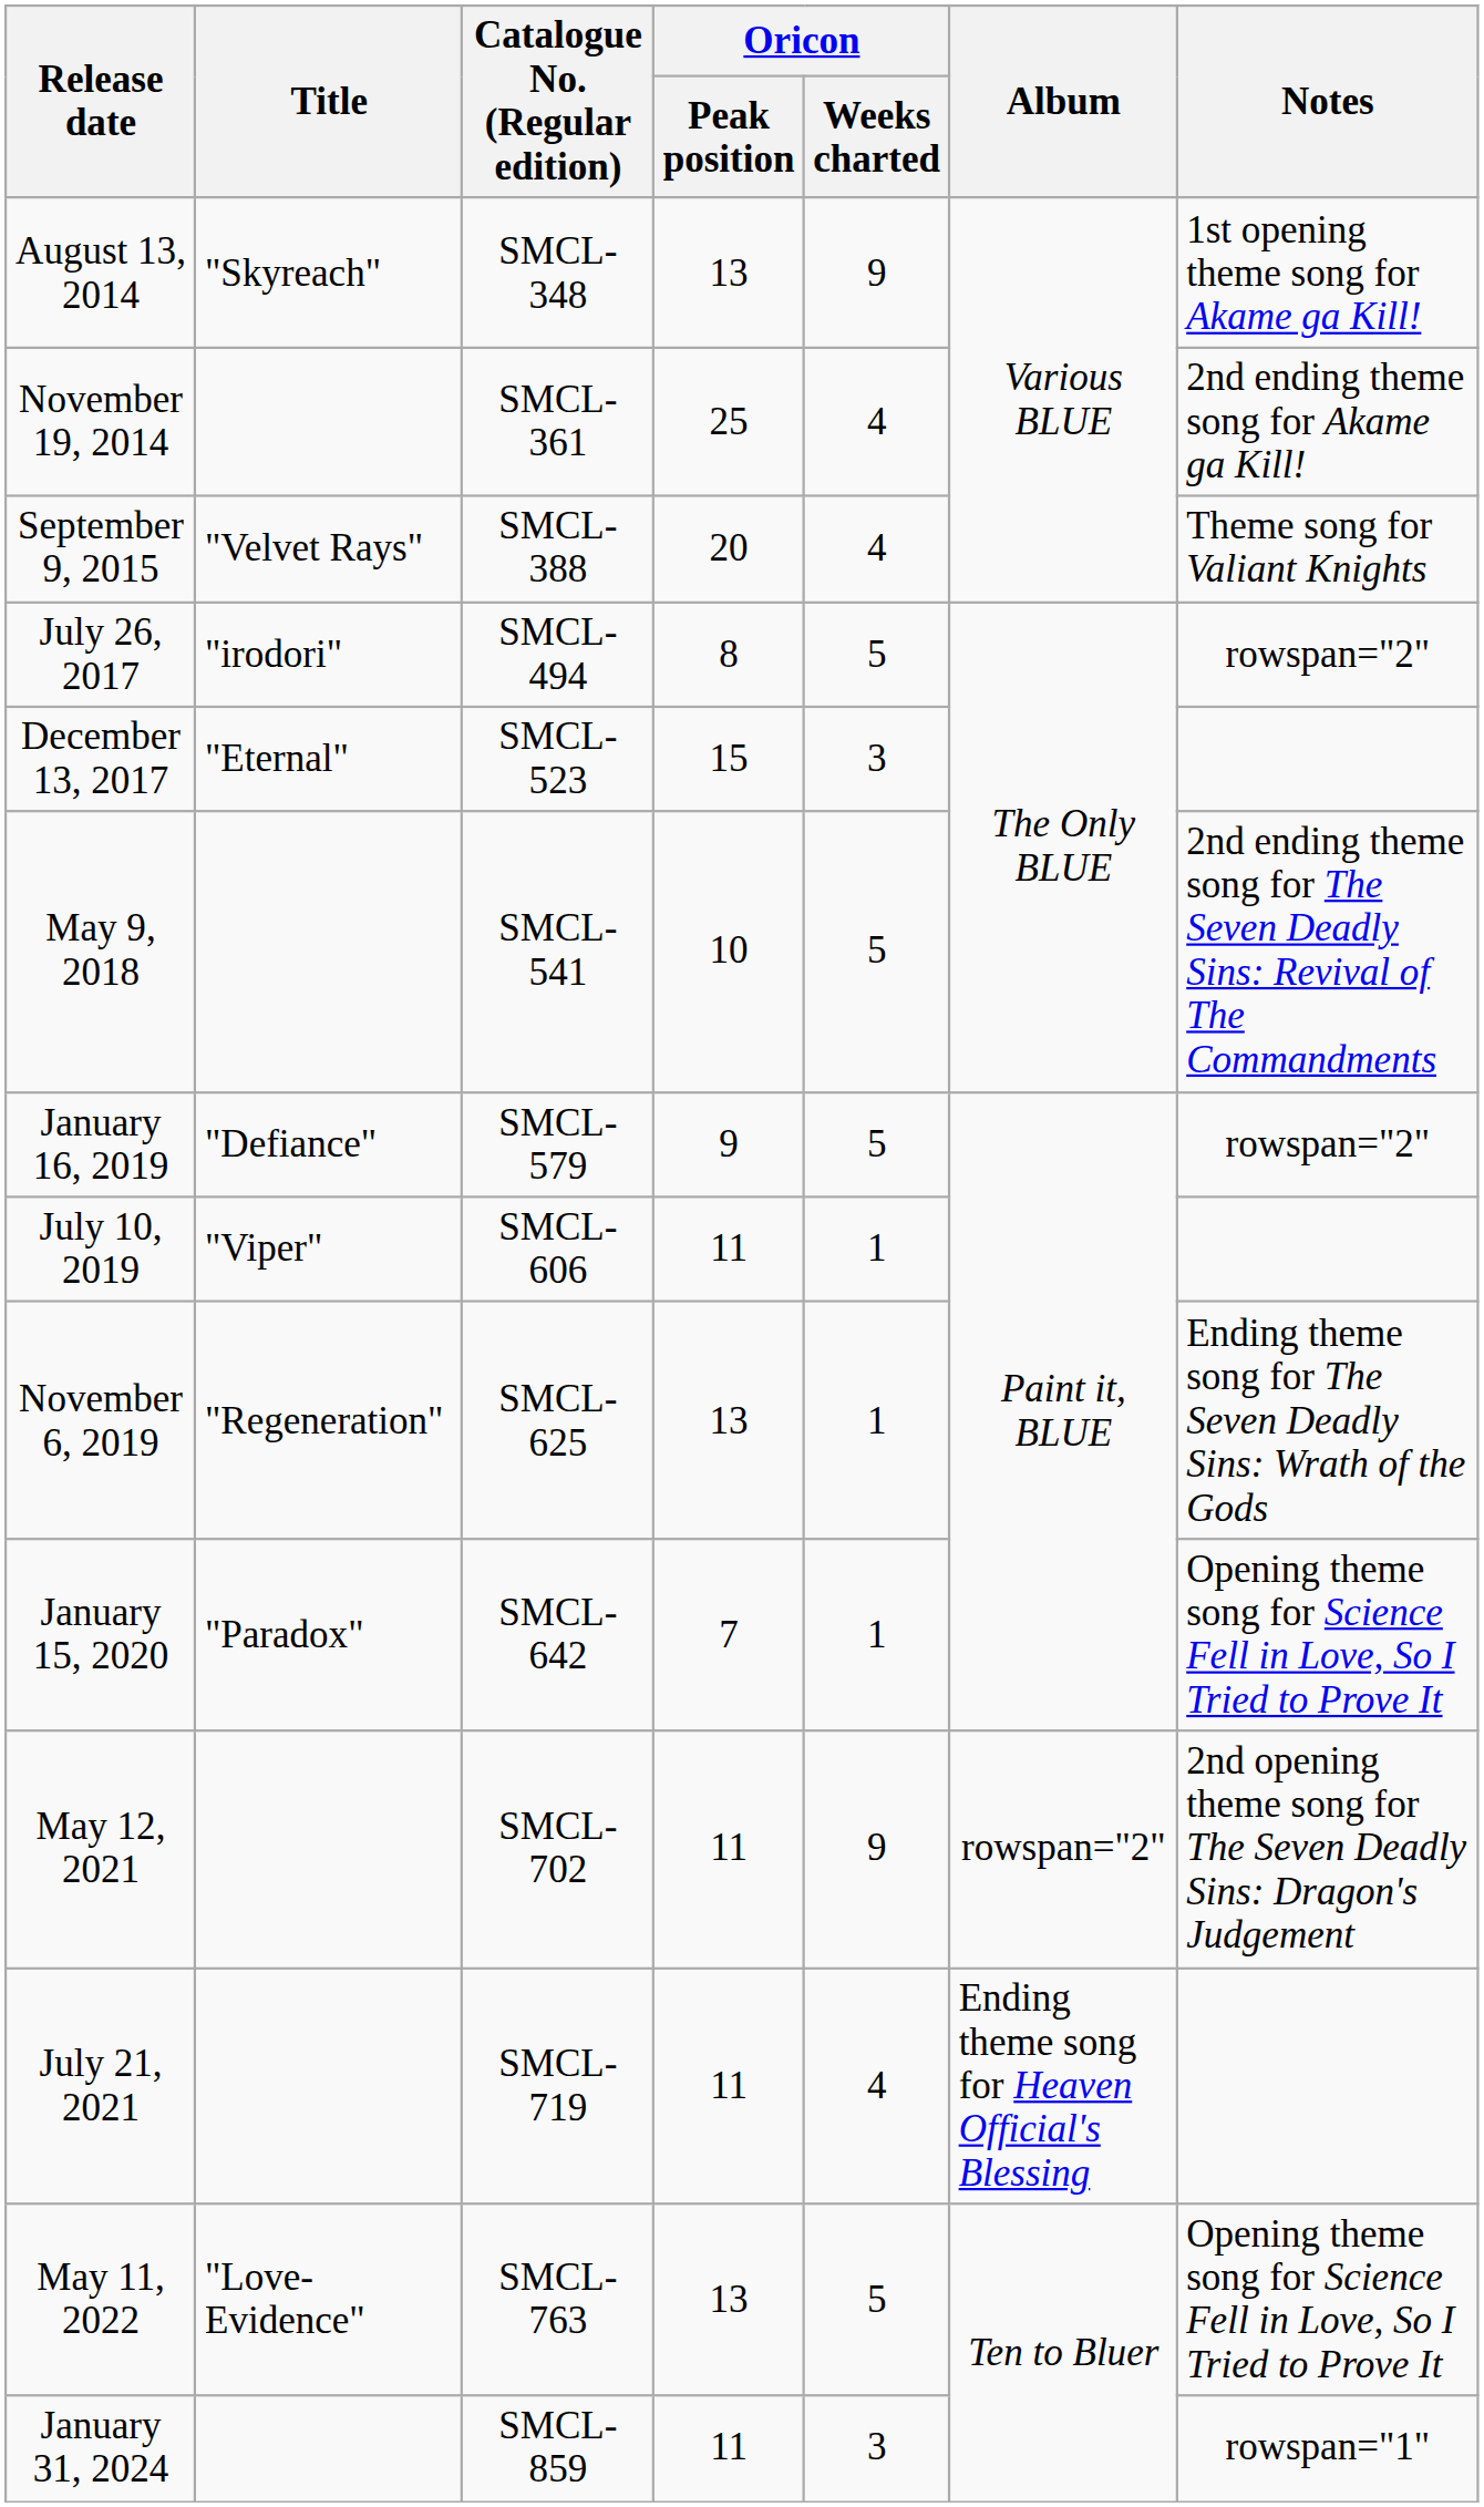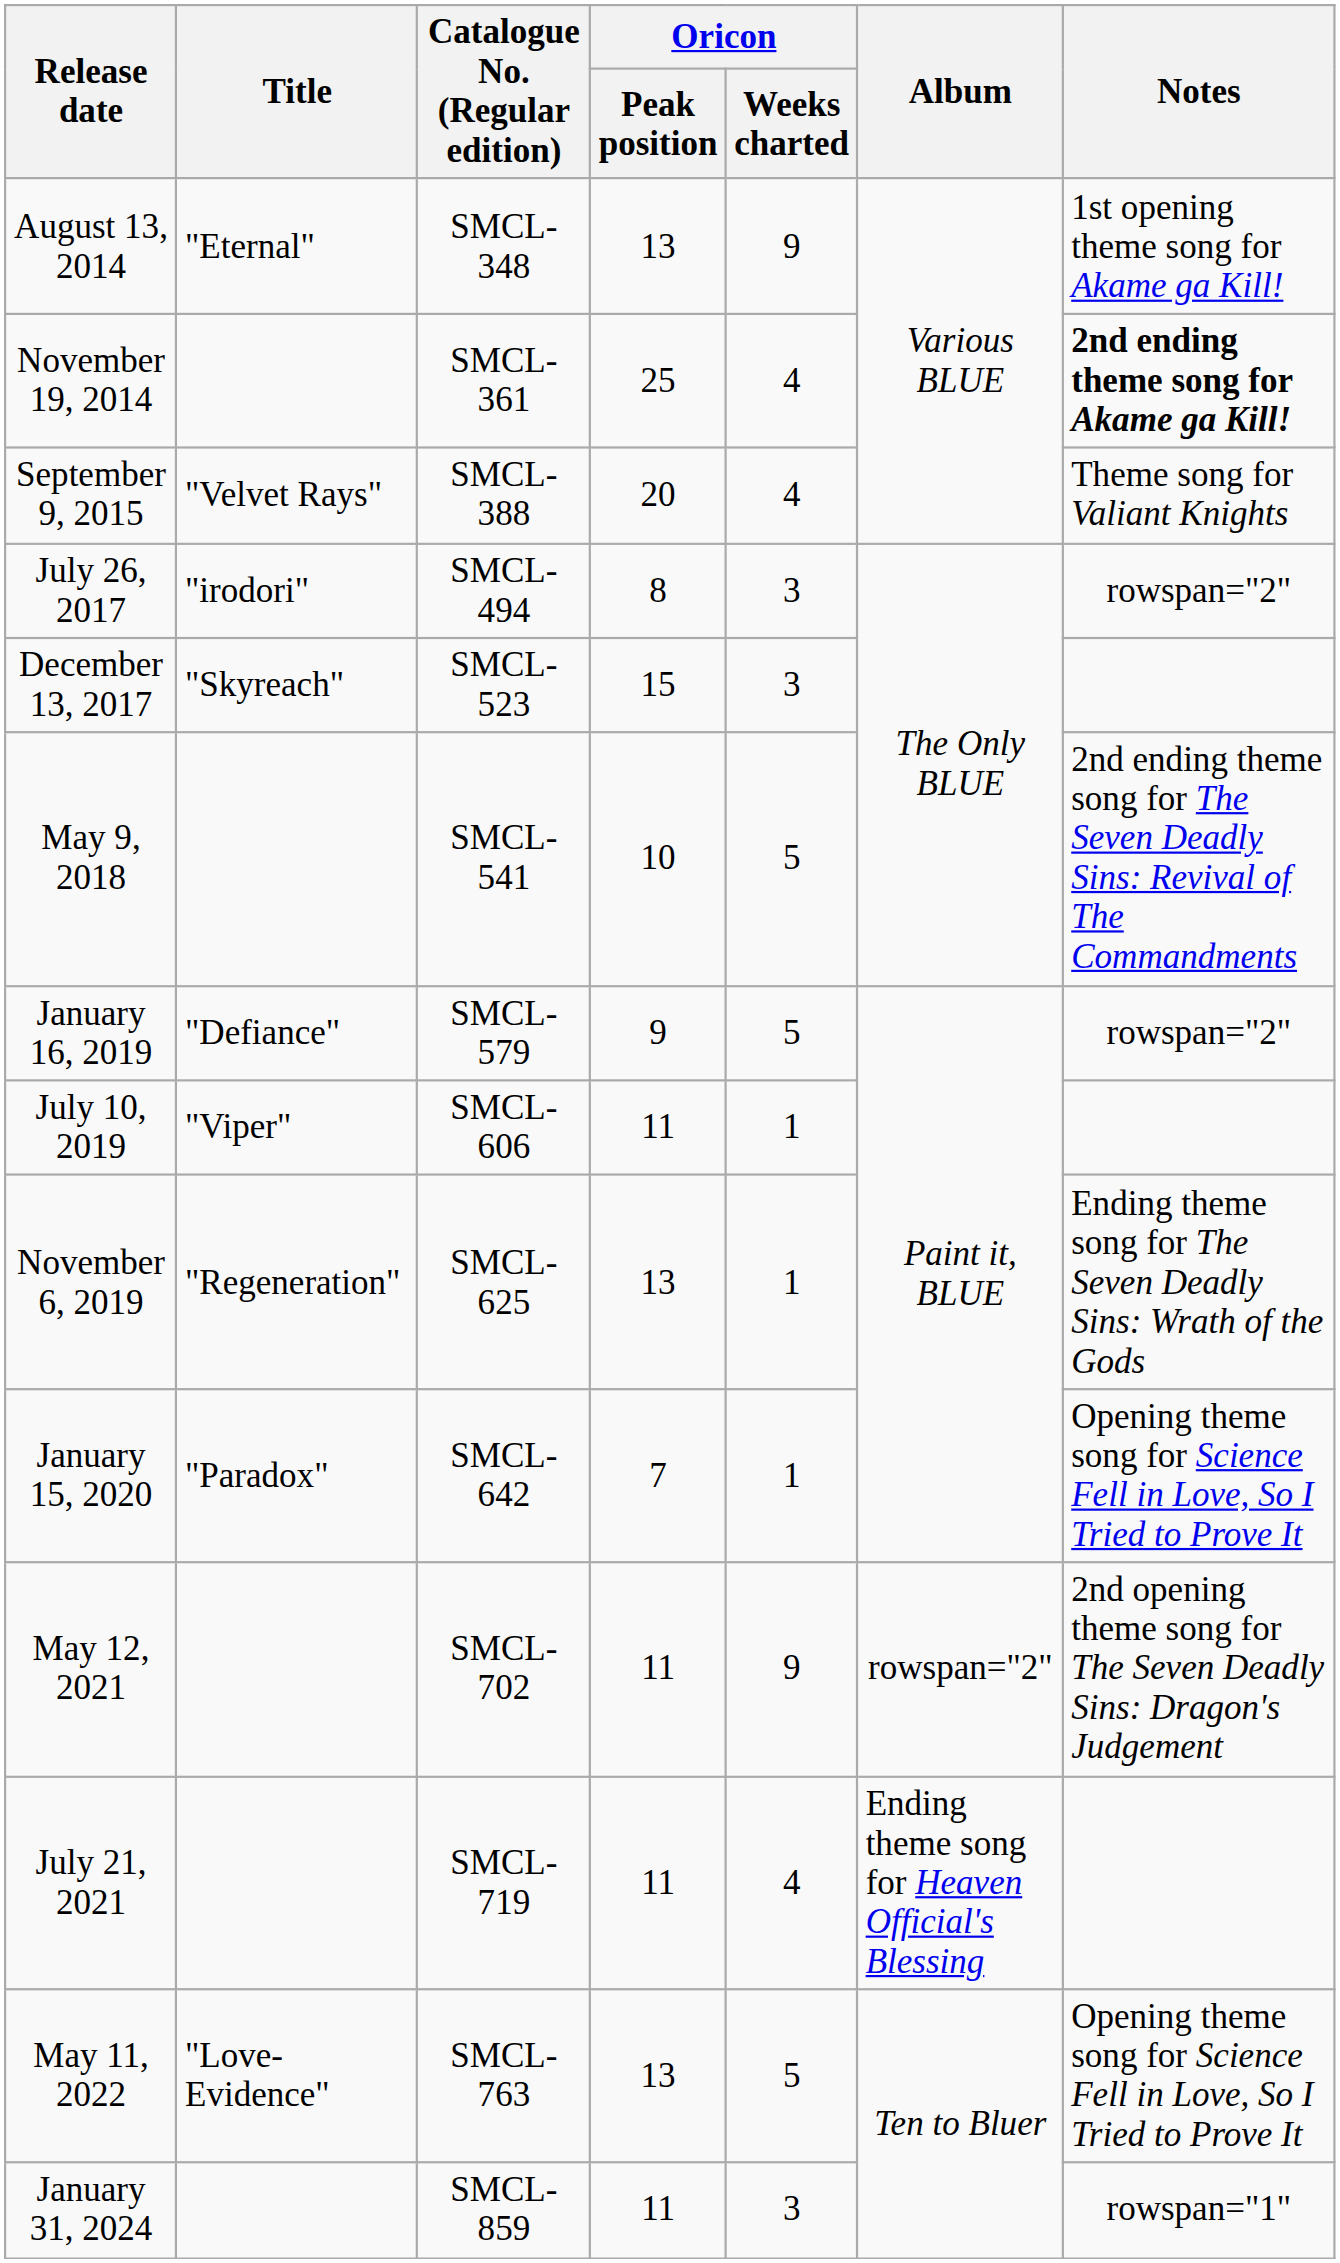 <table class="wikitable plainrowheaders" style="text-align:center">
 <tr>
 <th rowspan=2; style="width:10em;">Release date</th>
 <th rowspan=2; style="width:15em;">Title</th>
 <th rowspan=2; style="width:9em;">Catalogue No.<br>(Regular edition)</th>
 <th colspan=2; style="width:8em;"><a href='#'>Oricon</a></th>
 <th rowspan=2; style="width:10em;">Album</th>
 <th rowspan=2; style="width:35em;">Notes</th>
 </tr>
 <tr>
 <th style="width:4em;">Peak<br>position</th>
 <th style="width:4em;">Weeks<br>charted</th>
 </tr>
 <tr>
 <td>August 13, 2014</td>
-<td align=left>"Skyreach"</td>
+<td align=left>"Eternal"</td>
 <td>SMCL-348</td>
 <td>13</td>
 <td>9</td>
 <td rowspan="3"><em>Various BLUE</em></td>
 <td align=left>1st opening theme song for <em><a href='#'>Akame ga Kill!</a></em></td>
 </tr>
 <tr>
 <td>November 19, 2014</td>
 <td align=left></td>
 <td>SMCL-361</td>
 <td>25</td>
 <td>4</td>
-<td align=left>2nd ending theme song for <em>Akame ga Kill!</em></td>
+<td align=left><strong>2nd ending theme song for <em>Akame ga Kill!</em></strong></td>
 </tr>
 <tr>
 <td>September 9, 2015</td>
 <td align=left>"Velvet Rays"</td>
 <td>SMCL-388</td>
 <td>20</td>
 <td>4</td>
 <td align=left>Theme song for <em>Valiant Knights</em></td>
 </tr>
 <tr>
 <td>July 26, 2017</td>
 <td align=left>"irodori"</td>
 <td>SMCL-494</td>
 <td>8</td>
-<td>5</td>
+<td>3</td>
 <td rowspan="3"><em>The Only BLUE</em></td>
 <td>rowspan="2" </td>
 </tr>
 <tr>
 <td>December 13, 2017</td>
-<td align=left>"Eternal"</td>
+<td align=left>"Skyreach"</td>
 <td>SMCL-523</td>
 <td>15</td>
 <td>3</td>
 </tr>
 <tr>
 <td>May 9, 2018</td>
 <td align=left></td>
 <td>SMCL-541</td>
 <td>10</td>
 <td>5</td>
 <td align=left>2nd ending theme song for <em><a href='#'>The Seven Deadly Sins: Revival of The Commandments</a></em></td>
 </tr>
 <tr>
 <td>January 16, 2019</td>
 <td align=left>"Defiance"</td>
 <td>SMCL-579</td>
 <td>9</td>
 <td>5</td>
 <td rowspan="4"><em>Paint it, BLUE</em></td>
 <td>rowspan="2" </td>
 </tr>
 <tr>
 <td>July 10, 2019</td>
 <td align=left>"Viper"</td>
 <td>SMCL-606</td>
 <td>11</td>
 <td>1</td>
 </tr>
 <tr>
 <td>November 6, 2019</td>
 <td align=left>"Regeneration"</td>
 <td>SMCL-625</td>
 <td>13</td>
 <td>1</td>
 <td align=left>Ending theme song for <em>The Seven Deadly Sins: Wrath of the Gods</em></td>
 </tr>
 <tr>
 <td>January 15, 2020</td>
 <td align=left>"Paradox"</td>
 <td>SMCL-642</td>
 <td>7</td>
 <td>1</td>
 <td align=left>Opening theme song for <em><a href='#'>Science Fell in Love, So I Tried to Prove It</a></em></td>
 </tr>
 <tr>
 <td>May 12, 2021</td>
 <td align=left></td>
 <td>SMCL-702</td>
 <td>11</td>
 <td>9</td>
 <td>rowspan="2" </td>
 <td align=left>2nd opening theme song for <em>The Seven Deadly Sins: Dragon's Judgement</em></td>
 </tr>
 <tr>
 <td>July 21, 2021</td>
 <td align=left></td>
 <td>SMCL-719</td>
 <td>11</td>
 <td>4</td>
 <td align=left>Ending theme song for <em><a href='#'>Heaven Official's Blessing</a></em></td>
 </tr>
 <tr>
 <td>May 11, 2022</td>
 <td align=left>"Love-Evidence"</td>
 <td>SMCL-763</td>
 <td>13</td>
 <td>5</td>
 <td rowspan="2"><em>Ten to Bluer</em></td>
 <td align=left>Opening theme song for <em>Science Fell in Love, So I Tried to Prove It</em></td>
 </tr>
 <tr>
 <td>January 31, 2024</td>
 <td align=left></td>
 <td>SMCL-859</td>
 <td>11</td>
 <td>3</td>
 <td>rowspan="1" </td>
 </tr>
 </table>
